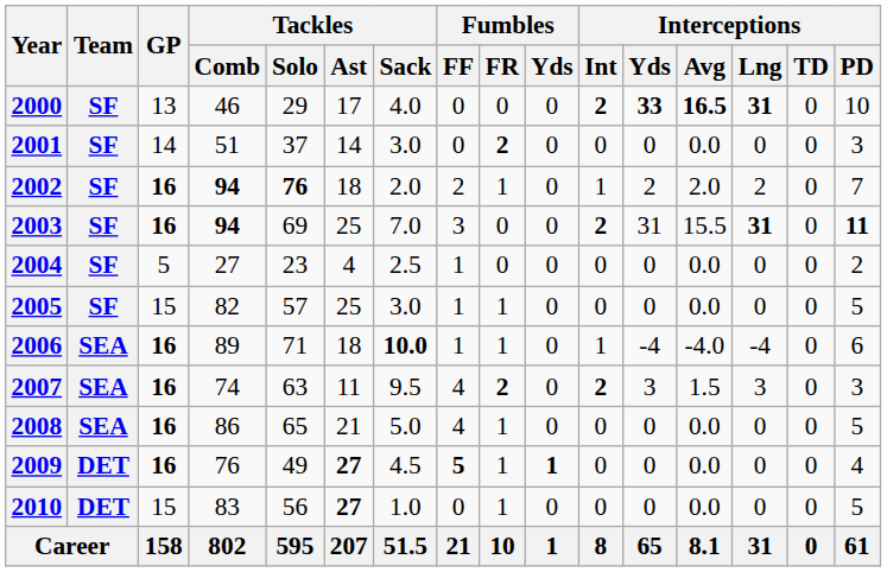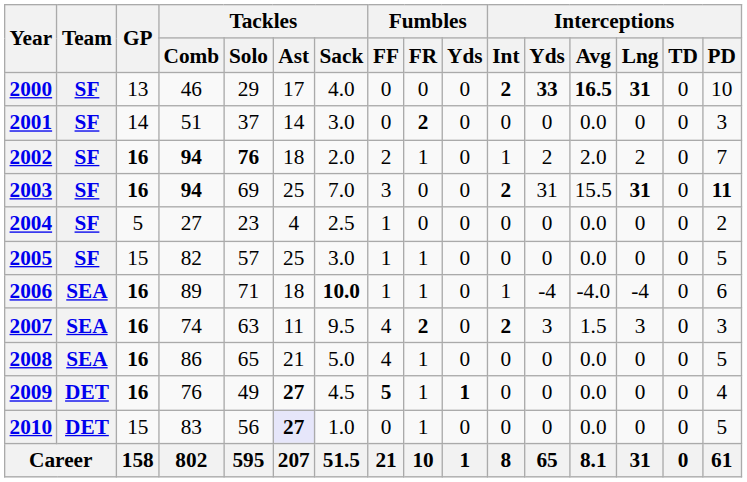 <table class="wikitable" style="text-align:center">
 <tr>
 <th rowspan="2">Year</th>
 <th rowspan="2">Team</th>
 <th rowspan="2">GP</th>
 <th colspan="4">Tackles</th>
 <th colspan="3">Fumbles</th>
 <th colspan="6">Interceptions</th>
 </tr>
 <tr>
 <th>Comb</th>
 <th>Solo</th>
 <th>Ast</th>
 <th>Sack</th>
 <th>FF</th>
 <th>FR</th>
 <th>Yds</th>
 <th>Int</th>
 <th>Yds</th>
 <th>Avg</th>
 <th>Lng</th>
 <th>TD</th>
 <th>PD</th>
 </tr>
 <tr>
 <th><a href='#'>2000</a></th>
 <th><a href='#'>SF</a></th>
 <td>13</td>
 <td>46</td>
 <td>29</td>
 <td>17</td>
 <td>4.0</td>
 <td>0</td>
 <td>0</td>
 <td>0</td>
 <td><strong>2</strong></td>
 <td><strong>33</strong></td>
 <td><strong>16.5</strong></td>
 <td><strong>31</strong></td>
 <td>0</td>
 <td>10</td>
 </tr>
 <tr>
 <th><a href='#'>2001</a></th>
 <th><a href='#'>SF</a></th>
 <td>14</td>
 <td>51</td>
 <td>37</td>
 <td>14</td>
 <td>3.0</td>
 <td>0</td>
 <td><strong>2</strong></td>
 <td>0</td>
 <td>0</td>
 <td>0</td>
 <td>0.0</td>
 <td>0</td>
 <td>0</td>
 <td>3</td>
 </tr>
 <tr>
 <th><a href='#'>2002</a></th>
 <th><a href='#'>SF</a></th>
 <td><strong>16</strong></td>
 <td><strong>94</strong></td>
 <td><strong>76</strong></td>
 <td>18</td>
 <td>2.0</td>
 <td>2</td>
 <td>1</td>
 <td>0</td>
 <td>1</td>
 <td>2</td>
 <td>2.0</td>
 <td>2</td>
 <td>0</td>
 <td>7</td>
 </tr>
 <tr>
 <th><a href='#'>2003</a></th>
 <th><a href='#'>SF</a></th>
 <td><strong>16</strong></td>
 <td><strong>94</strong></td>
 <td>69</td>
 <td>25</td>
 <td>7.0</td>
 <td>3</td>
 <td>0</td>
 <td>0</td>
 <td><strong>2</strong></td>
 <td>31</td>
 <td>15.5</td>
 <td><strong>31</strong></td>
 <td>0</td>
 <td><strong>11</strong></td>
 </tr>
 <tr>
 <th><a href='#'>2004</a></th>
 <th><a href='#'>SF</a></th>
 <td>5</td>
 <td>27</td>
 <td>23</td>
 <td>4</td>
 <td>2.5</td>
 <td>1</td>
 <td>0</td>
 <td>0</td>
 <td>0</td>
 <td>0</td>
 <td>0.0</td>
 <td>0</td>
 <td>0</td>
 <td>2</td>
 </tr>
 <tr>
 <th><a href='#'>2005</a></th>
 <th><a href='#'>SF</a></th>
 <td>15</td>
 <td>82</td>
 <td>57</td>
 <td>25</td>
 <td>3.0</td>
 <td>1</td>
 <td>1</td>
 <td>0</td>
 <td>0</td>
 <td>0</td>
 <td>0.0</td>
 <td>0</td>
 <td>0</td>
 <td>5</td>
 </tr>
 <tr>
 <th><a href='#'>2006</a></th>
 <th><a href='#'>SEA</a></th>
 <td><strong>16</strong></td>
 <td>89</td>
 <td>71</td>
 <td>18</td>
 <td><strong>10.0</strong></td>
 <td>1</td>
 <td>1</td>
 <td>0</td>
 <td>1</td>
 <td>-4</td>
 <td>-4.0</td>
 <td>-4</td>
 <td>0</td>
 <td>6</td>
 </tr>
 <tr>
 <th><a href='#'>2007</a></th>
 <th><a href='#'>SEA</a></th>
 <td><strong>16</strong></td>
 <td>74</td>
 <td>63</td>
 <td>11</td>
 <td>9.5</td>
 <td>4</td>
 <td><strong>2</strong></td>
 <td>0</td>
 <td><strong>2</strong></td>
 <td>3</td>
 <td>1.5</td>
 <td>3</td>
 <td>0</td>
 <td>3</td>
 </tr>
 <tr>
 <th><a href='#'>2008</a></th>
 <th><a href='#'>SEA</a></th>
 <td><strong>16</strong></td>
 <td>86</td>
 <td>65</td>
 <td>21</td>
 <td>5.0</td>
 <td>4</td>
 <td>1</td>
 <td>0</td>
 <td>0</td>
 <td>0</td>
 <td>0.0</td>
 <td>0</td>
 <td>0</td>
 <td>5</td>
 </tr>
 <tr>
 <th><a href='#'>2009</a></th>
 <th><a href='#'>DET</a></th>
 <td><strong>16</strong></td>
 <td>76</td>
 <td>49</td>
 <td><strong>27</strong></td>
 <td>4.5</td>
 <td><strong>5</strong></td>
 <td>1</td>
 <td><strong>1</strong></td>
 <td>0</td>
 <td>0</td>
 <td>0.0</td>
 <td>0</td>
 <td>0</td>
 <td>4</td>
 </tr>
 <tr>
 <th><a href='#'>2010</a></th>
 <th><a href='#'>DET</a></th>
 <td>15</td>
 <td>83</td>
 <td>56</td>
-<td><strong>27</strong></td>
+<td style="background: lavender;"><strong>27</strong></td>
 <td>1.0</td>
 <td>0</td>
 <td>1</td>
 <td>0</td>
 <td>0</td>
 <td>0</td>
 <td>0.0</td>
 <td>0</td>
 <td>0</td>
 <td>5</td>
 </tr>
 <tr>
 <th colspan="2">Career</th>
 <th>158</th>
 <th>802</th>
 <th>595</th>
 <th>207</th>
 <th>51.5</th>
 <th>21</th>
 <th>10</th>
 <th>1</th>
 <th>8</th>
 <th>65</th>
 <th>8.1</th>
 <th>31</th>
 <th>0</th>
 <th>61</th>
 </tr>
 </table>
